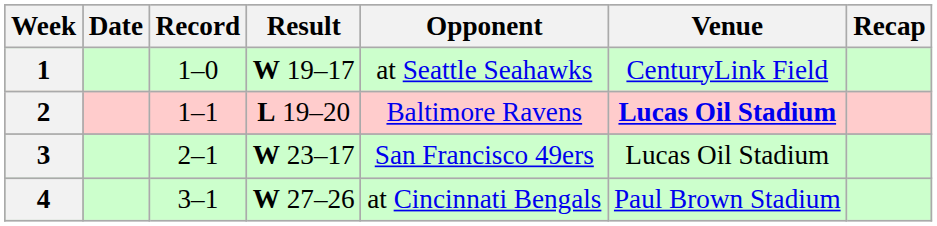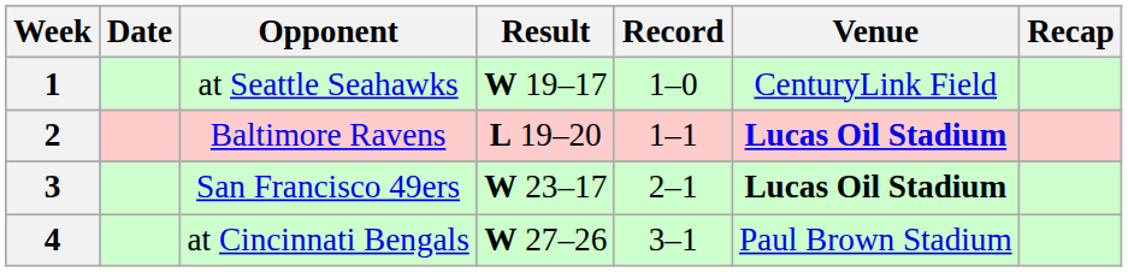 <table class="wikitable" style="text-align:center">
 <tr>
 <th>Week</th>
 <th>Date</th>
+<th>Opponent</th>
+<th>Result</th>
 <th>Record</th>
-<th>Result</th>
-<th>Opponent</th>
 <th>Venue</th>
 <th>Recap</th>
 </tr>
 <tr style="background:#cfc">
 <th>1</th>
 <td></td>
+<td>at <a href='#'>Seattle Seahawks</a></td>
+<td><strong>W</strong> 19–17</td>
 <td>1–0</td>
-<td><strong>W</strong> 19–17</td>
-<td>at <a href='#'>Seattle Seahawks</a></td>
 <td><a href='#'>CenturyLink Field</a></td>
 <td></td>
 </tr>
 <tr style="background:#fcc">
 <th>2</th>
 <td></td>
+<td><a href='#'>Baltimore Ravens</a></td>
+<td><strong>L</strong> 19–20</td>
 <td>1–1</td>
-<td><strong>L</strong> 19–20</td>
-<td><a href='#'>Baltimore Ravens</a></td>
 <td><strong><a href='#'>Lucas Oil Stadium</a></strong></td>
 <td></td>
 </tr>
 <tr style="background:#cfc">
 <th>3</th>
 <td></td>
+<td><a href='#'>San Francisco 49ers</a></td>
+<td><strong>W</strong> 23–17</td>
 <td>2–1</td>
-<td><strong>W</strong> 23–17</td>
-<td><a href='#'>San Francisco 49ers</a></td>
-<td>Lucas Oil Stadium</td>
+<td><strong>Lucas Oil Stadium</strong></td>
 <td></td>
 </tr>
 <tr style="background:#cfc">
 <th>4</th>
 <td></td>
+<td>at <a href='#'>Cincinnati Bengals</a></td>
+<td><strong>W</strong> 27–26</td>
 <td>3–1</td>
-<td><strong>W</strong> 27–26</td>
-<td>at <a href='#'>Cincinnati Bengals</a></td>
 <td><a href='#'>Paul Brown Stadium</a></td>
 <td></td>
 </tr>
 </table>
